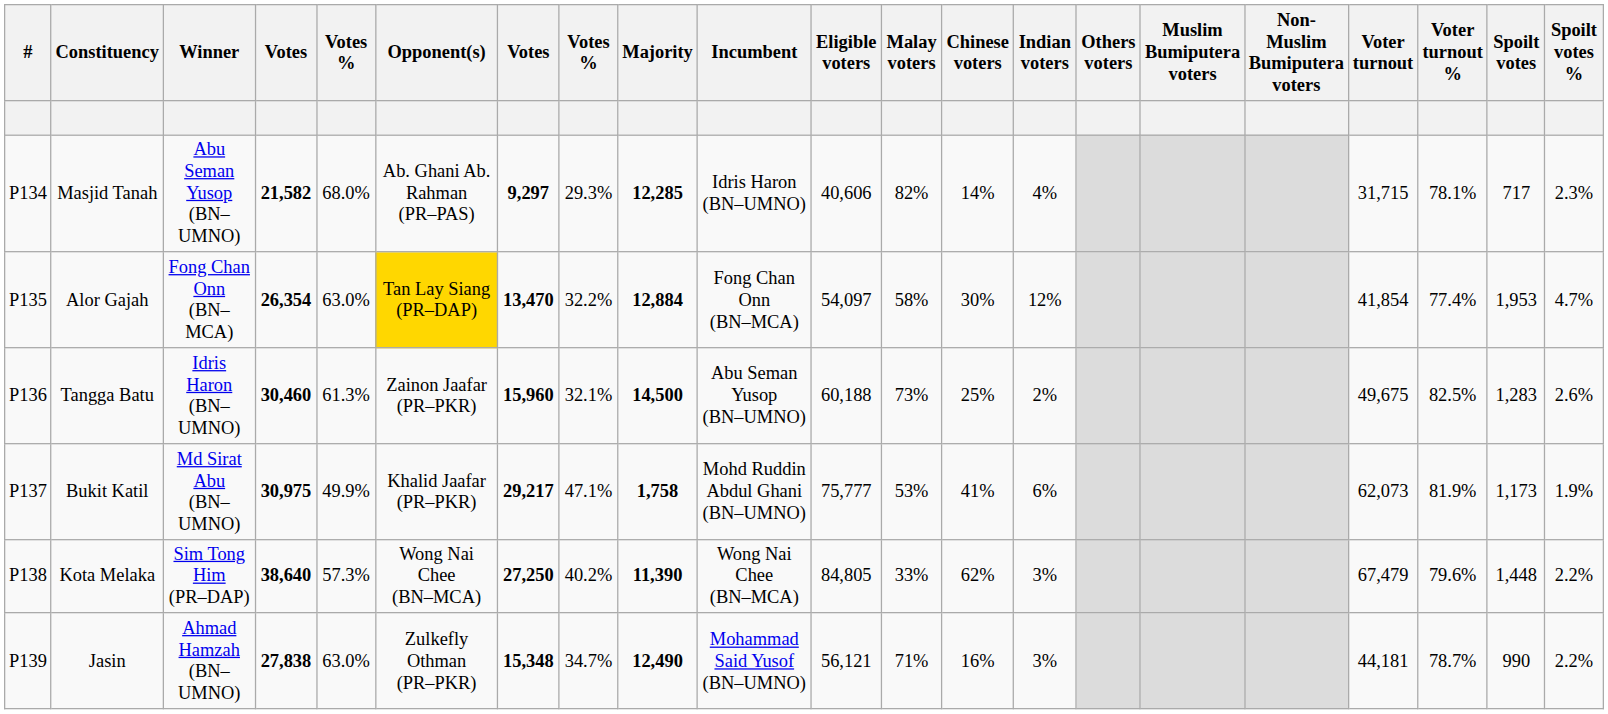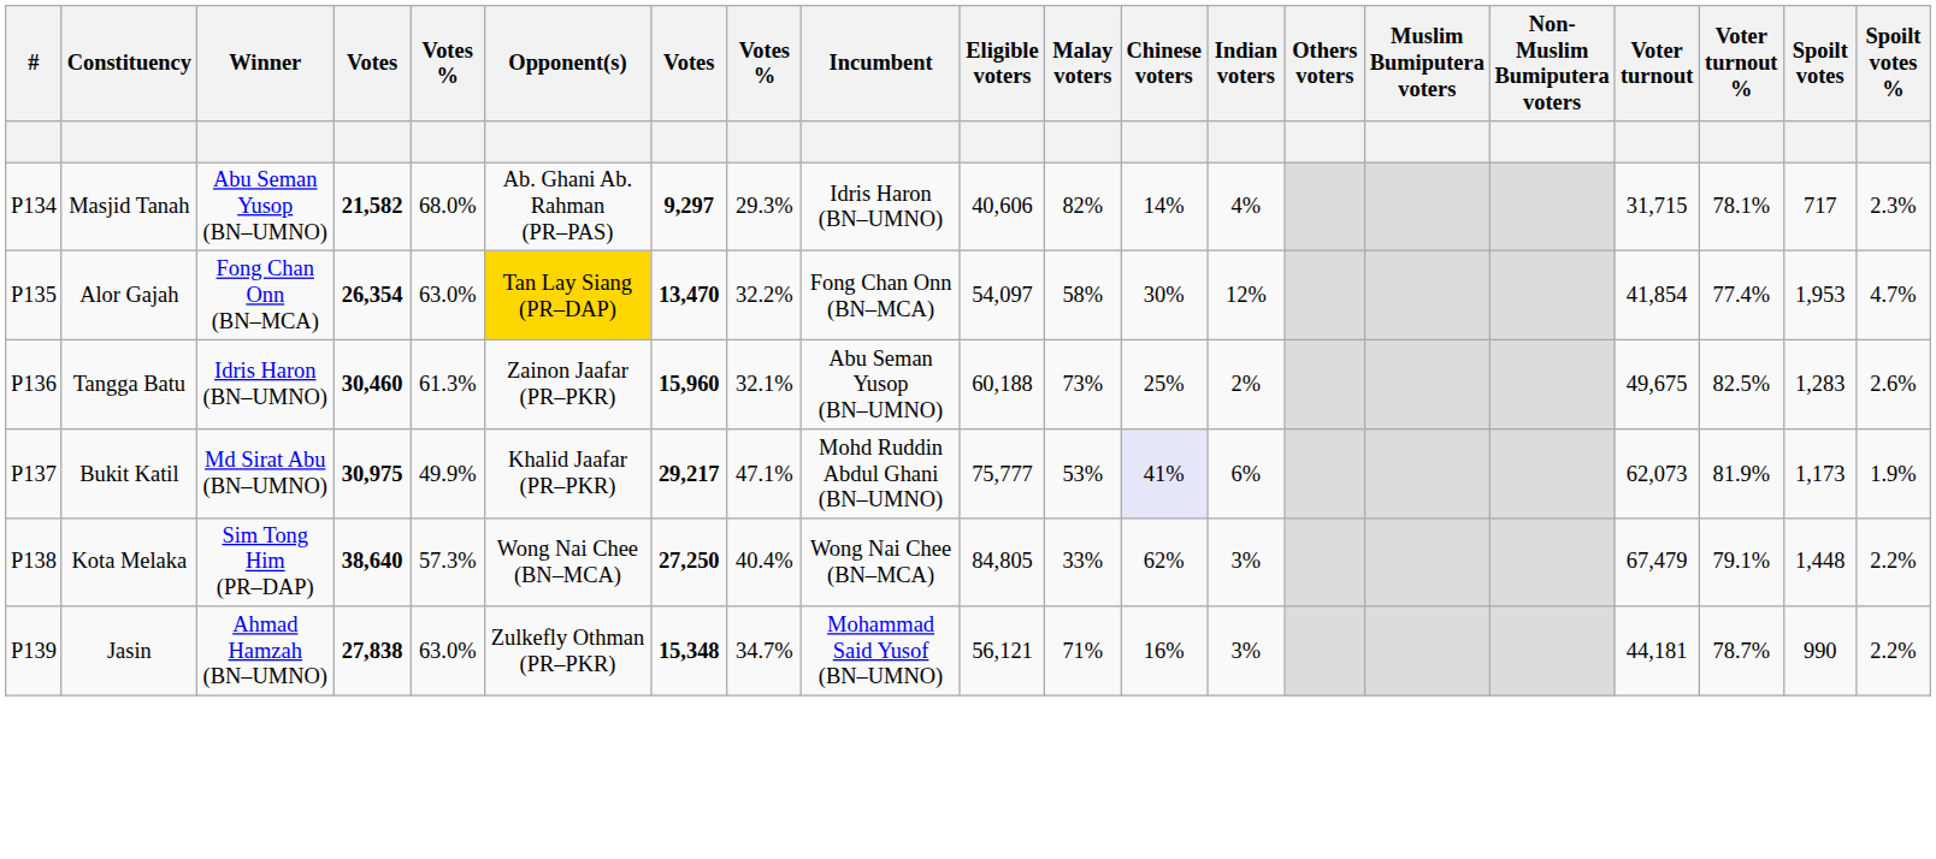 <table class="wikitable sortable" style="text-align:center; font-size:90%">
 <tr>
 <th width="30">#</th>
 <th width="60">Constituency</th>
 <th width="150">Winner</th>
 <th width="50">Votes</th>
 <th width="50">Votes %</th>
 <th width="150">Opponent(s)</th>
 <th width="50">Votes</th>
 <th width="50">Votes %</th>
-<th width="50">Majority</th>
 <th width="150">Incumbent</th>
 <th width="50">Eligible voters</th>
 <th width="50">Malay voters</th>
 <th width="50">Chinese voters</th>
 <th width="50">Indian voters</th>
 <th width="50">Others voters</th>
 <th width="50">Muslim Bumiputera voters</th>
 <th width="50">Non-Muslim Bumiputera voters</th>
 <th width="50">Voter turnout</th>
 <th width="50">Voter turnout %</th>
 <th width="50">Spoilt votes</th>
 <th width="50">Spoilt votes %</th>
 </tr>
 <tr>
 <th height="20"></th>
 <th></th>
 <th></th>
 <th></th>
 <th></th>
 <th></th>
 <th></th>
 <th></th>
 <th></th>
 <th></th>
 <th></th>
 <th></th>
 <th></th>
 <th></th>
 <th></th>
 <th></th>
 <th></th>
 <th></th>
 <th></th>
 <th></th>
-<th></th>
 </tr>
 <tr>
 <td>P134</td>
 <td>Masjid Tanah</td>
 <td><a href='#'>Abu Seman Yusop</a><br>(BN–UMNO)</td>
 <td><strong>21,582</strong></td>
 <td>68.0%</td>
 <td>Ab. Ghani Ab. Rahman<br>(PR–PAS)</td>
 <td><strong>9,297</strong></td>
 <td>29.3%</td>
-<td><strong>12,285</strong></td>
 <td>Idris Haron<br>(BN–UMNO)</td>
 <td>40,606</td>
 <td>82%</td>
 <td>14%</td>
 <td>4%</td>
 <td bgcolor="dcdcdc"></td>
 <td bgcolor="dcdcdc"></td>
 <td bgcolor="dcdcdc"></td>
 <td>31,715</td>
 <td>78.1%</td>
 <td>717</td>
 <td>2.3%</td>
 </tr>
 <tr>
 <td>P135</td>
 <td>Alor Gajah</td>
 <td><a href='#'>Fong Chan Onn</a><br>(BN–MCA)</td>
 <td><strong>26,354</strong></td>
 <td>63.0%</td>
 <td style="background: gold;">Tan Lay Siang<br>(PR–DAP)</td>
 <td><strong>13,470</strong></td>
 <td>32.2%</td>
-<td><strong>12,884</strong></td>
 <td>Fong Chan Onn<br>(BN–MCA)</td>
 <td>54,097</td>
 <td>58%</td>
 <td>30%</td>
 <td>12%</td>
 <td bgcolor="dcdcdc"></td>
 <td bgcolor="dcdcdc"></td>
 <td bgcolor="dcdcdc"></td>
 <td>41,854</td>
 <td>77.4%</td>
 <td>1,953</td>
 <td>4.7%</td>
 </tr>
 <tr>
 <td>P136</td>
 <td>Tangga Batu</td>
 <td><a href='#'>Idris Haron</a><br>(BN–UMNO)</td>
 <td><strong>30,460</strong></td>
 <td>61.3%</td>
 <td>Zainon Jaafar<br>(PR–PKR)</td>
 <td><strong>15,960</strong></td>
 <td>32.1%</td>
-<td><strong>14,500</strong></td>
 <td>Abu Seman Yusop<br>(BN–UMNO)</td>
 <td>60,188</td>
 <td>73%</td>
 <td>25%</td>
 <td>2%</td>
 <td bgcolor="dcdcdc"></td>
 <td bgcolor="dcdcdc"></td>
 <td bgcolor="dcdcdc"></td>
 <td>49,675</td>
 <td>82.5%</td>
 <td>1,283</td>
 <td>2.6%</td>
 </tr>
 <tr>
 <td>P137</td>
 <td>Bukit Katil</td>
 <td><a href='#'>Md Sirat Abu</a><br>(BN–UMNO)</td>
 <td><strong>30,975</strong></td>
 <td>49.9%</td>
 <td>Khalid Jaafar<br>(PR–PKR)</td>
 <td><strong>29,217</strong></td>
 <td>47.1%</td>
-<td><strong>1,758</strong></td>
 <td>Mohd Ruddin Abdul Ghani<br>(BN–UMNO)</td>
 <td>75,777</td>
 <td>53%</td>
-<td>41%</td>
+<td style="background: lavender;">41%</td>
 <td>6%</td>
 <td bgcolor="dcdcdc"></td>
 <td bgcolor="dcdcdc"></td>
 <td bgcolor="dcdcdc"></td>
 <td>62,073</td>
 <td>81.9%</td>
 <td>1,173</td>
 <td>1.9%</td>
 </tr>
 <tr>
 <td>P138</td>
 <td>Kota Melaka</td>
 <td><a href='#'>Sim Tong Him</a><br>(PR–DAP)</td>
 <td><strong>38,640</strong></td>
 <td>57.3%</td>
 <td>Wong Nai Chee<br>(BN–MCA)</td>
 <td><strong>27,250</strong></td>
-<td>40.2%</td>
-<td><strong>11,390</strong></td>
+<td>40.4%</td>
 <td>Wong Nai Chee<br>(BN–MCA)</td>
 <td>84,805</td>
 <td>33%</td>
 <td>62%</td>
 <td>3%</td>
 <td bgcolor="dcdcdc"></td>
 <td bgcolor="dcdcdc"></td>
 <td bgcolor="dcdcdc"></td>
 <td>67,479</td>
-<td>79.6%</td>
+<td>79.1%</td>
 <td>1,448</td>
 <td>2.2%</td>
 </tr>
 <tr>
 <td>P139</td>
 <td>Jasin</td>
 <td><a href='#'>Ahmad Hamzah</a><br>(BN–UMNO)</td>
 <td><strong>27,838</strong></td>
 <td>63.0%</td>
 <td>Zulkefly Othman<br>(PR–PKR)</td>
 <td><strong>15,348</strong></td>
 <td>34.7%</td>
-<td><strong>12,490</strong></td>
 <td><a href='#'>Mohammad Said Yusof</a><br>(BN–UMNO)</td>
 <td>56,121</td>
 <td>71%</td>
 <td>16%</td>
 <td>3%</td>
 <td bgcolor="dcdcdc"></td>
 <td bgcolor="dcdcdc"></td>
 <td bgcolor="dcdcdc"></td>
 <td>44,181</td>
 <td>78.7%</td>
 <td>990</td>
 <td>2.2%</td>
 </tr>
 </table>
